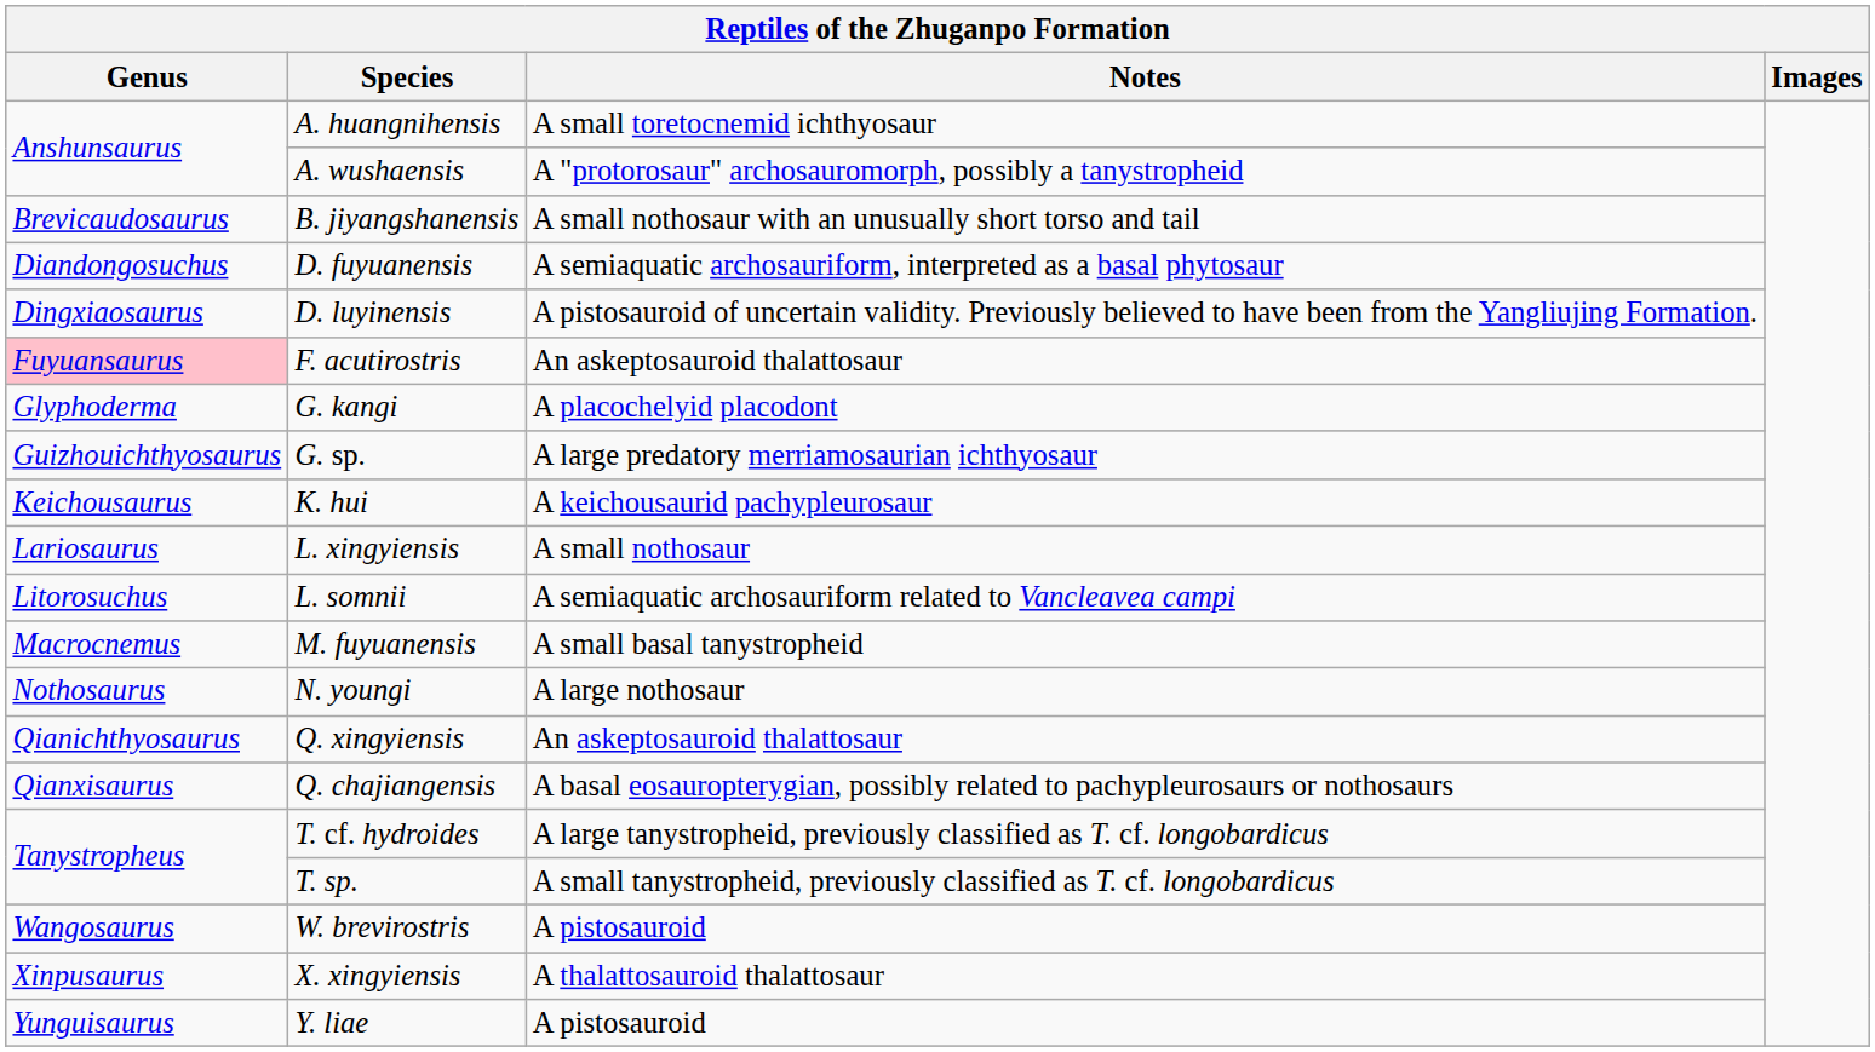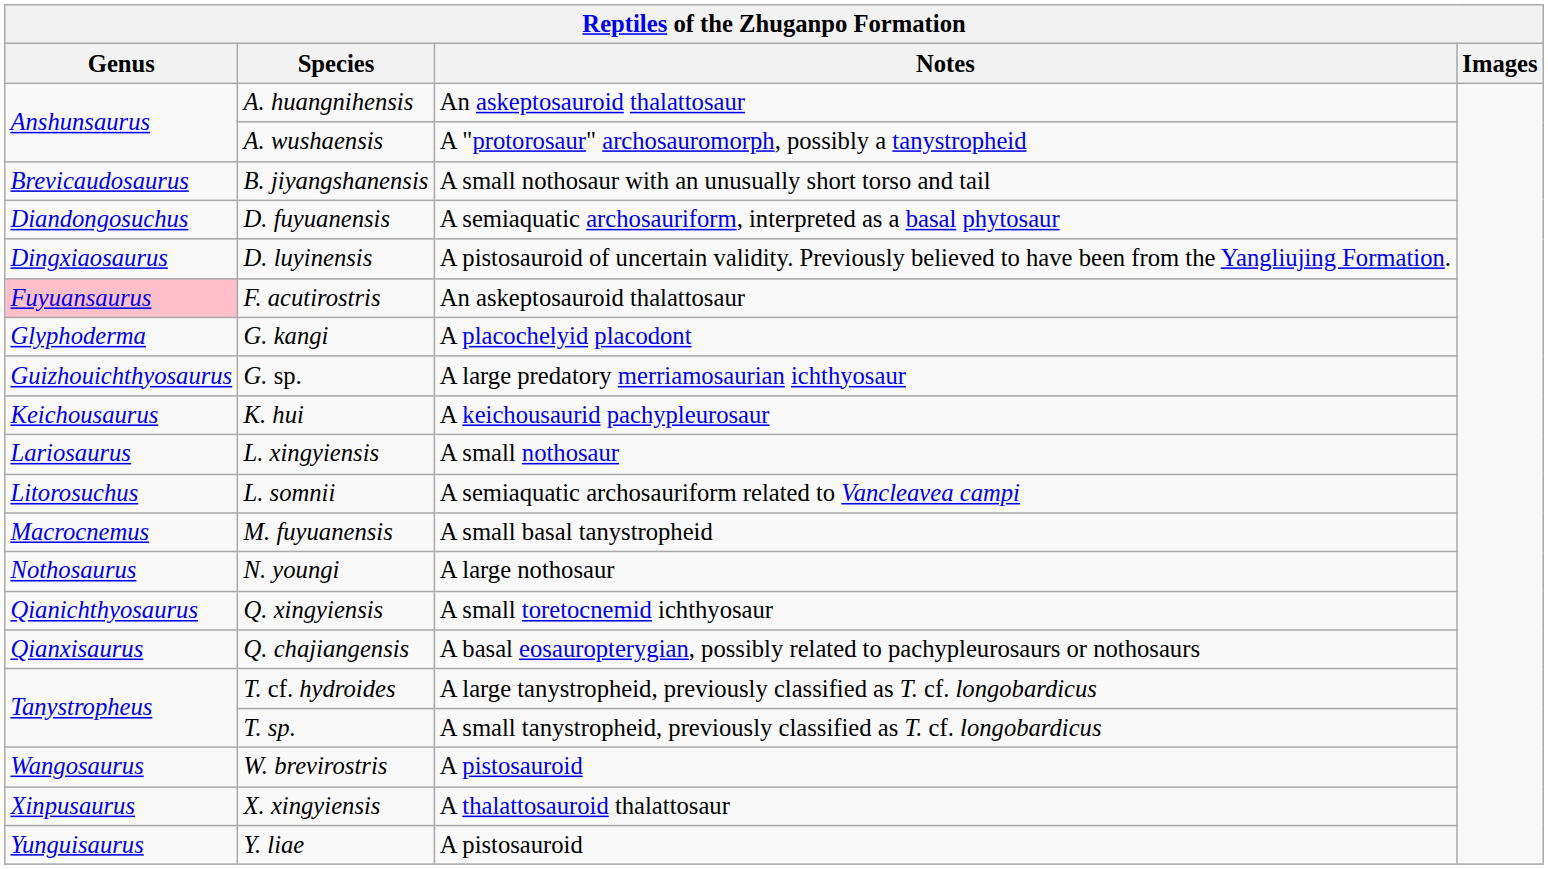 <table class="wikitable" align="center">
 <tr>
 <th colspan="5" align="center"><strong><a href='#'>Reptiles</a> of the Zhuganpo Formation</strong></th>
 </tr>
 <tr>
 <th>Genus</th>
 <th>Species</th>
 <th>Notes</th>
 <th>Images</th>
 </tr>
 <tr>
 <td rowspan="2"><em><a href='#'>Anshunsaurus</a></em></td>
 <td><em>A. huangnihensis</em></td>
-<td>A small <a href='#'>toretocnemid</a> ichthyosaur</td>
+<td>An <a href='#'>askeptosauroid</a> <a href='#'>thalattosaur</a></td>
 <td rowspan="159"><br>  </td>
 </tr>
 <tr>
 <td><em>A. wushaensis</em></td>
 <td>A "<a href='#'>protorosaur</a>" <a href='#'>archosauromorph</a>, possibly a <a href='#'>tanystropheid</a></td>
 </tr>
 <tr>
 <td><em><a href='#'>Brevicaudosaurus</a></em></td>
 <td><em>B. jiyangshanensis</em></td>
 <td>A small nothosaur with an unusually short torso and tail</td>
 </tr>
 <tr>
 <td><em><a href='#'>Diandongosuchus</a></em></td>
 <td><em>D. fuyuanensis</em></td>
 <td>A semiaquatic <a href='#'>archosauriform</a>, interpreted as a <a href='#'>basal</a> <a href='#'>phytosaur</a></td>
 </tr>
 <tr>
 <td><em><a href='#'>Dingxiaosaurus</a></em></td>
 <td><em>D. luyinensis</em></td>
 <td>A pistosauroid of uncertain validity. Previously believed to have been from the <a href='#'>Yangliujing Formation</a>.</td>
 </tr>
 <tr>
 <td style="background: pink;"><em><a href='#'>Fuyuansaurus</a></em></td>
 <td><em>F. acutirostris</em></td>
 <td>An askeptosauroid thalattosaur</td>
 </tr>
 <tr>
 <td><em><a href='#'>Glyphoderma</a></em></td>
 <td><em>G. kangi</em></td>
 <td>A <a href='#'>placochelyid</a> <a href='#'>placodont</a></td>
 </tr>
 <tr>
 <td><em><a href='#'>Guizhouichthyosaurus</a></em></td>
 <td><em>G.</em> sp.</td>
 <td>A large predatory <a href='#'>merriamosaurian</a> <a href='#'>ichthyosaur</a></td>
 </tr>
 <tr>
 <td><em><a href='#'>Keichousaurus</a></em></td>
 <td><em>K. hui</em></td>
 <td>A <a href='#'>keichousaurid</a> <a href='#'>pachypleurosaur</a></td>
 </tr>
 <tr>
 <td><em><a href='#'>Lariosaurus</a></em></td>
 <td><em>L. xingyiensis</em></td>
 <td>A small <a href='#'>nothosaur</a><em></em></td>
 </tr>
 <tr>
 <td><em><a href='#'>Litorosuchus</a></em></td>
 <td><em>L. somnii</em></td>
 <td>A semiaquatic archosauriform related to <em><a href='#'>Vancleavea campi</a></em></td>
 </tr>
 <tr>
 <td><em><a href='#'>Macrocnemus</a></em></td>
 <td><em>M. fuyuanensis</em></td>
 <td>A small basal tanystropheid</td>
 </tr>
 <tr>
 <td><em><a href='#'>Nothosaurus</a></em></td>
 <td><em>N. youngi</em></td>
 <td>A large nothosaur</td>
 </tr>
 <tr>
 <td><em><a href='#'>Qianichthyosaurus</a></em></td>
 <td><em>Q. xingyiensis</em></td>
-<td>An <a href='#'>askeptosauroid</a> <a href='#'>thalattosaur</a></td>
+<td>A small <a href='#'>toretocnemid</a> ichthyosaur</td>
 </tr>
 <tr>
 <td><em><a href='#'>Qianxisaurus</a></em></td>
 <td><em>Q. chajiangensis</em></td>
 <td>A basal <a href='#'>eosauropterygian</a>, possibly related to pachypleurosaurs or nothosaurs</td>
 </tr>
 <tr>
 <td rowspan="2"><em><a href='#'>Tanystropheus</a></em></td>
 <td><em>T.</em> cf. <em>hydroides</em></td>
 <td>A large tanystropheid, previously classified as <em>T.</em> cf. <em>longobardicus</em></td>
 </tr>
 <tr>
 <td><em>T. sp.</em></td>
 <td>A small tanystropheid, previously classified as <em>T.</em> cf. <em>longobardicus</em></td>
 </tr>
 <tr>
 <td><em><a href='#'>Wangosaurus</a></em></td>
 <td><em>W. brevirostris</em></td>
 <td>A <a href='#'>pistosauroid</a></td>
 </tr>
 <tr>
 <td><em><a href='#'>Xinpusaurus</a></em></td>
 <td><em>X. xingyiensis</em></td>
 <td>A <a href='#'>thalattosauroid</a> thalattosaur</td>
 </tr>
 <tr>
 <td><em><a href='#'>Yunguisaurus</a></em></td>
 <td><em>Y. liae</em></td>
 <td>A pistosauroid</td>
 </tr>
 </table>
